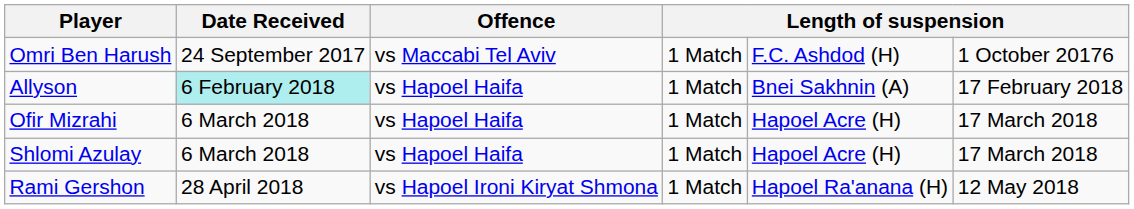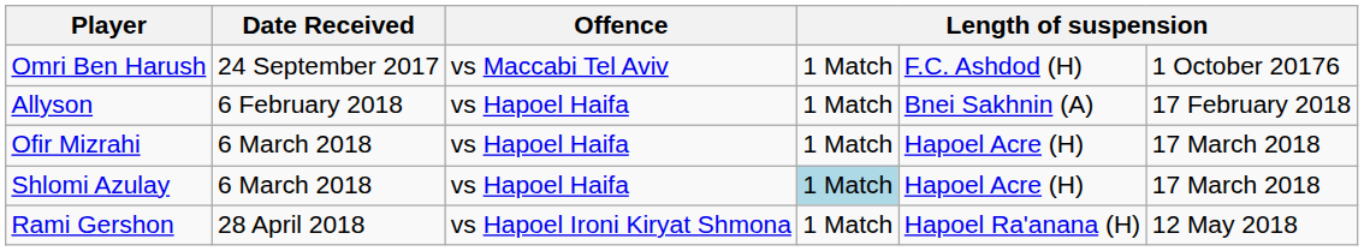 <table class="wikitable">
 <tr>
 <th>Player</th>
 <th>Date Received</th>
 <th>Offence</th>
 <th colspan=4>Length of suspension</th>
 </tr>
 <tr>
 <td><a href='#'>Omri Ben Harush</a></td>
 <td>24 September 2017</td>
 <td> vs <a href='#'>Maccabi Tel Aviv</a></td>
 <td>1 Match</td>
 <td><a href='#'>F.C. Ashdod</a> (H)</td>
 <td>1 October 20176</td>
 </tr>
 <tr>
 <td><a href='#'>Allyson</a></td>
-<td style="background: paleturquoise;">6 February 2018</td>
+<td>6 February 2018</td>
 <td> vs <a href='#'>Hapoel Haifa</a></td>
 <td>1 Match</td>
 <td><a href='#'>Bnei Sakhnin</a> (A)</td>
 <td>17 February 2018</td>
 </tr>
 <tr>
 <td><a href='#'>Ofir Mizrahi</a></td>
 <td>6 March 2018</td>
 <td> vs <a href='#'>Hapoel Haifa</a></td>
 <td>1 Match</td>
 <td><a href='#'>Hapoel Acre</a> (H)</td>
 <td>17 March 2018</td>
 </tr>
 <tr>
 <td><a href='#'>Shlomi Azulay</a></td>
 <td>6 March 2018</td>
 <td> vs <a href='#'>Hapoel Haifa</a></td>
-<td>1 Match</td>
+<td style="background: lightblue;">1 Match</td>
 <td><a href='#'>Hapoel Acre</a> (H)</td>
 <td>17 March 2018</td>
 </tr>
 <tr>
 <td><a href='#'>Rami Gershon</a></td>
 <td>28 April 2018</td>
 <td> vs <a href='#'>Hapoel Ironi Kiryat Shmona</a></td>
 <td>1 Match</td>
 <td><a href='#'>Hapoel Ra'anana</a> (H)</td>
 <td>12 May 2018</td>
 </tr>
 </table>
